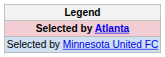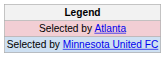 <table class="wikitable" style="text-align: center; font-size:95%">
 <tr>
 <th style="background-color: #F2F2F2; border: 1px solid #AAAAAA;" colspan="1">Legend</th>
 </tr>
 <tr style="text-align: center">
-<td style="background: #F2CED4"><strong>Selected by <a href='#'>Atlanta</a></strong></td>
+<td style="background: #F2CED4">Selected by <a href='#'>Atlanta</a></td>
 </tr>
 <tr align="center">
 <td style="background: #CEE0F2">Selected by <a href='#'>Minnesota United FC</a></td>
 </tr>
 </table>
